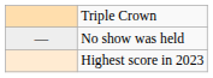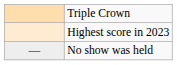 <table class="wikitable">
 <tr>
 <td width="75px" style="font-weight: bold; background: navajowhite;"></td>
 <td>Triple Crown</td>
 </tr>
 <tr>
+<td width="75px" style="background: #ffebd2;"></td>
+<td>Highest score in 2023</td>
+</tr>
+<tr>
 <td width="75px" style="background:#eee; text-align:center">—</td>
 <td>No show was held</td>
 </tr>
-<tr>
-<td width="75px" style="background: #ffebd2;"></td>
-<td>Highest score in 2023</td>
-</tr>
 </table>
